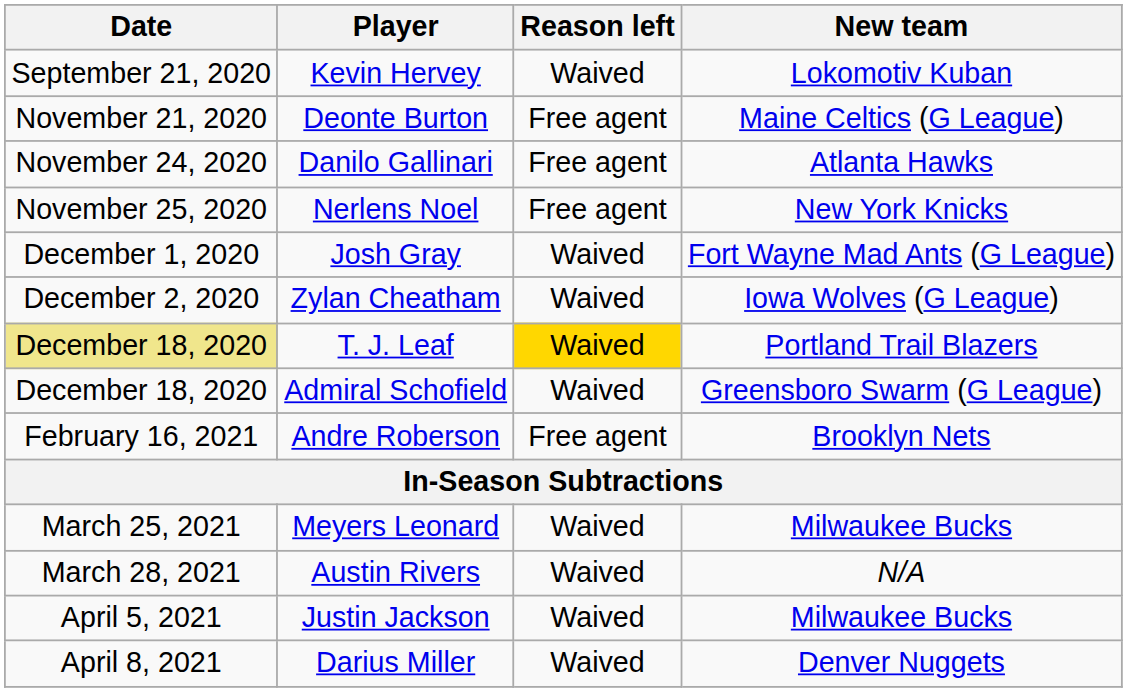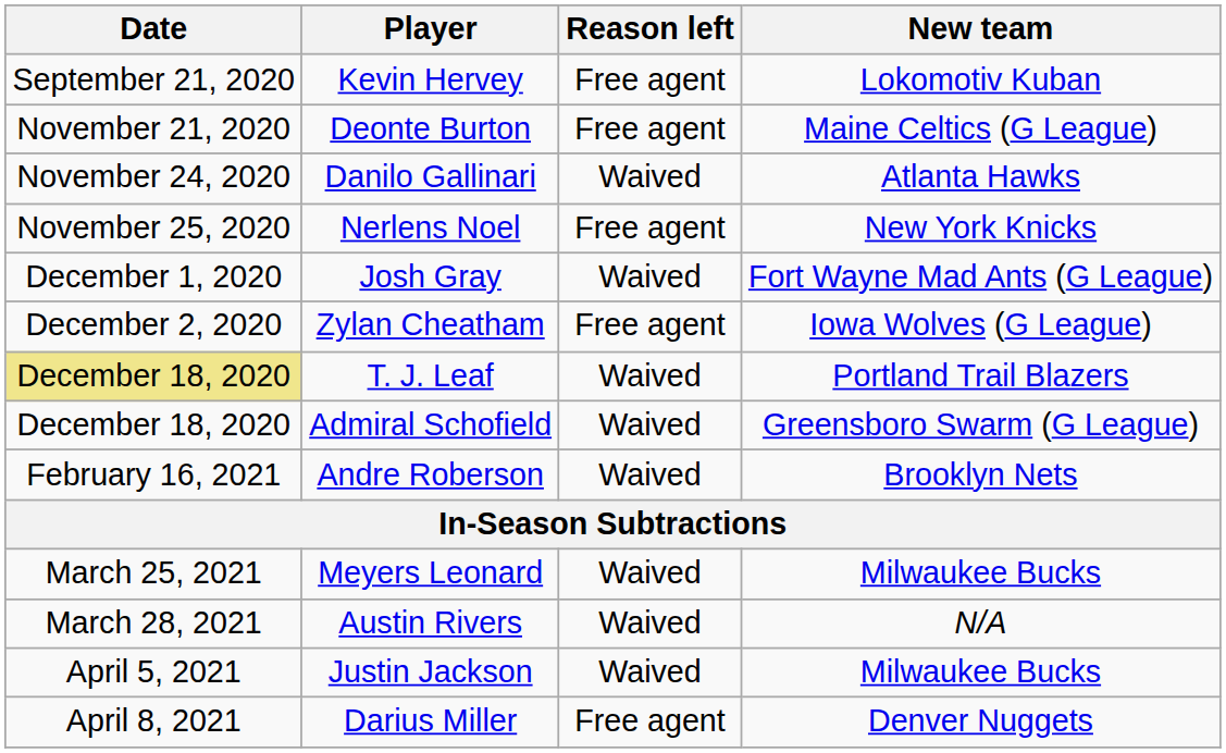 <table class="wikitable" style="text-align: center">
 <tr>
 <th>Date</th>
 <th>Player</th>
 <th>Reason left</th>
 <th>New team</th>
 </tr>
 <tr style="text-align: center">
 <td>September 21, 2020</td>
 <td><a href='#'>Kevin Hervey</a></td>
-<td>Waived</td>
+<td>Free agent</td>
 <td> <a href='#'>Lokomotiv Kuban</a></td>
 </tr>
 <tr style="text-align: center">
 <td>November 21, 2020</td>
 <td><a href='#'>Deonte Burton</a></td>
 <td>Free agent</td>
 <td><a href='#'>Maine Celtics</a> (<a href='#'>G League</a>)</td>
 </tr>
 <tr style="text-align: center">
 <td>November 24, 2020</td>
 <td><a href='#'>Danilo Gallinari</a></td>
-<td>Free agent</td>
+<td>Waived</td>
 <td><a href='#'>Atlanta Hawks</a></td>
 </tr>
 <tr style="text-align: center">
 <td>November 25, 2020</td>
 <td><a href='#'>Nerlens Noel</a></td>
 <td>Free agent</td>
 <td><a href='#'>New York Knicks</a></td>
 </tr>
 <tr style="text-align: center">
 <td>December 1, 2020</td>
 <td><a href='#'>Josh Gray</a></td>
 <td>Waived</td>
 <td><a href='#'>Fort Wayne Mad Ants</a> (<a href='#'>G League</a>)</td>
 </tr>
 <tr style="text-align: center">
 <td>December 2, 2020</td>
 <td><a href='#'>Zylan Cheatham</a></td>
-<td>Waived</td>
+<td>Free agent</td>
 <td><a href='#'>Iowa Wolves</a> (<a href='#'>G League</a>)</td>
 </tr>
 <tr style="text-align: center">
 <td style="background: khaki;">December 18, 2020</td>
 <td><a href='#'>T. J. Leaf</a></td>
-<td style="background: gold;">Waived</td>
+<td>Waived</td>
 <td><a href='#'>Portland Trail Blazers</a></td>
 </tr>
 <tr style="text-align: center">
 <td>December 18, 2020</td>
 <td><a href='#'>Admiral Schofield</a></td>
 <td>Waived</td>
 <td><a href='#'>Greensboro Swarm</a> (<a href='#'>G League</a>)</td>
 </tr>
 <tr style="text-align: center">
 <td>February 16, 2021</td>
 <td><a href='#'>Andre Roberson</a></td>
-<td>Free agent</td>
+<td>Waived</td>
 <td><a href='#'>Brooklyn Nets</a></td>
 </tr>
 <tr>
 <th scope="row" colspan="6" style="text-align:center;”">In-Season Subtractions</th>
 </tr>
 <tr style="text-align: center">
 <td>March 25, 2021</td>
 <td><a href='#'>Meyers Leonard</a></td>
 <td>Waived</td>
 <td><a href='#'>Milwaukee Bucks</a></td>
 </tr>
 <tr style="text-align: center">
 <td>March 28, 2021</td>
 <td><a href='#'>Austin Rivers</a></td>
 <td>Waived</td>
 <td><em>N/A</em></td>
 </tr>
 <tr style="text-align: center">
 <td>April 5, 2021</td>
 <td><a href='#'>Justin Jackson</a></td>
 <td>Waived</td>
 <td><a href='#'>Milwaukee Bucks</a></td>
 </tr>
 <tr style="text-align: center">
 <td>April 8, 2021</td>
 <td><a href='#'>Darius Miller</a></td>
-<td>Waived</td>
+<td>Free agent</td>
 <td><a href='#'>Denver Nuggets</a></td>
 </tr>
 </table>
